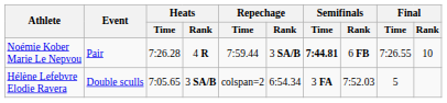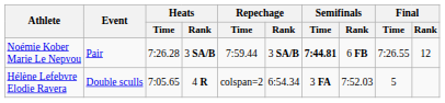 <table class="wikitable" style="font-size:90%">
 <tr>
 <th rowspan="2">Athlete</th>
 <th rowspan="2">Event</th>
 <th colspan="2">Heats</th>
 <th colspan="2">Repechage</th>
 <th colspan="2">Semifinals</th>
 <th colspan="2">Final</th>
 </tr>
 <tr style="font-size:95%">
 <th>Time</th>
 <th>Rank</th>
 <th>Time</th>
 <th>Rank</th>
 <th>Time</th>
 <th>Rank</th>
 <th>Time</th>
 <th>Rank</th>
 </tr>
 <tr align=center>
 <td align=left><a href='#'>Noémie Kober</a><br><a href='#'>Marie Le Nepvou</a></td>
 <td align=left><a href='#'>Pair</a></td>
 <td>7:26.28</td>
-<td>4 <strong>R</strong></td>
+<td>3 <strong>SA/B</strong></td>
 <td>7:59.44</td>
 <td>3 <strong>SA/B</strong></td>
 <td><strong>7:44.81</strong></td>
 <td>6 <strong>FB</strong></td>
 <td>7:26.55</td>
-<td>10</td>
+<td>12</td>
 </tr>
 <tr align=center>
 <td align=left><a href='#'>Hélène Lefebvre</a><br><a href='#'>Elodie Ravera</a></td>
 <td align=left><a href='#'>Double sculls</a></td>
 <td>7:05.65</td>
-<td>3 <strong>SA/B</strong></td>
+<td>4 <strong>R</strong></td>
 <td>colspan=2 </td>
 <td>6:54.34</td>
 <td>3 <strong>FA</strong></td>
 <td>7:52.03</td>
 <td>5</td>
 </tr>
 </table>
